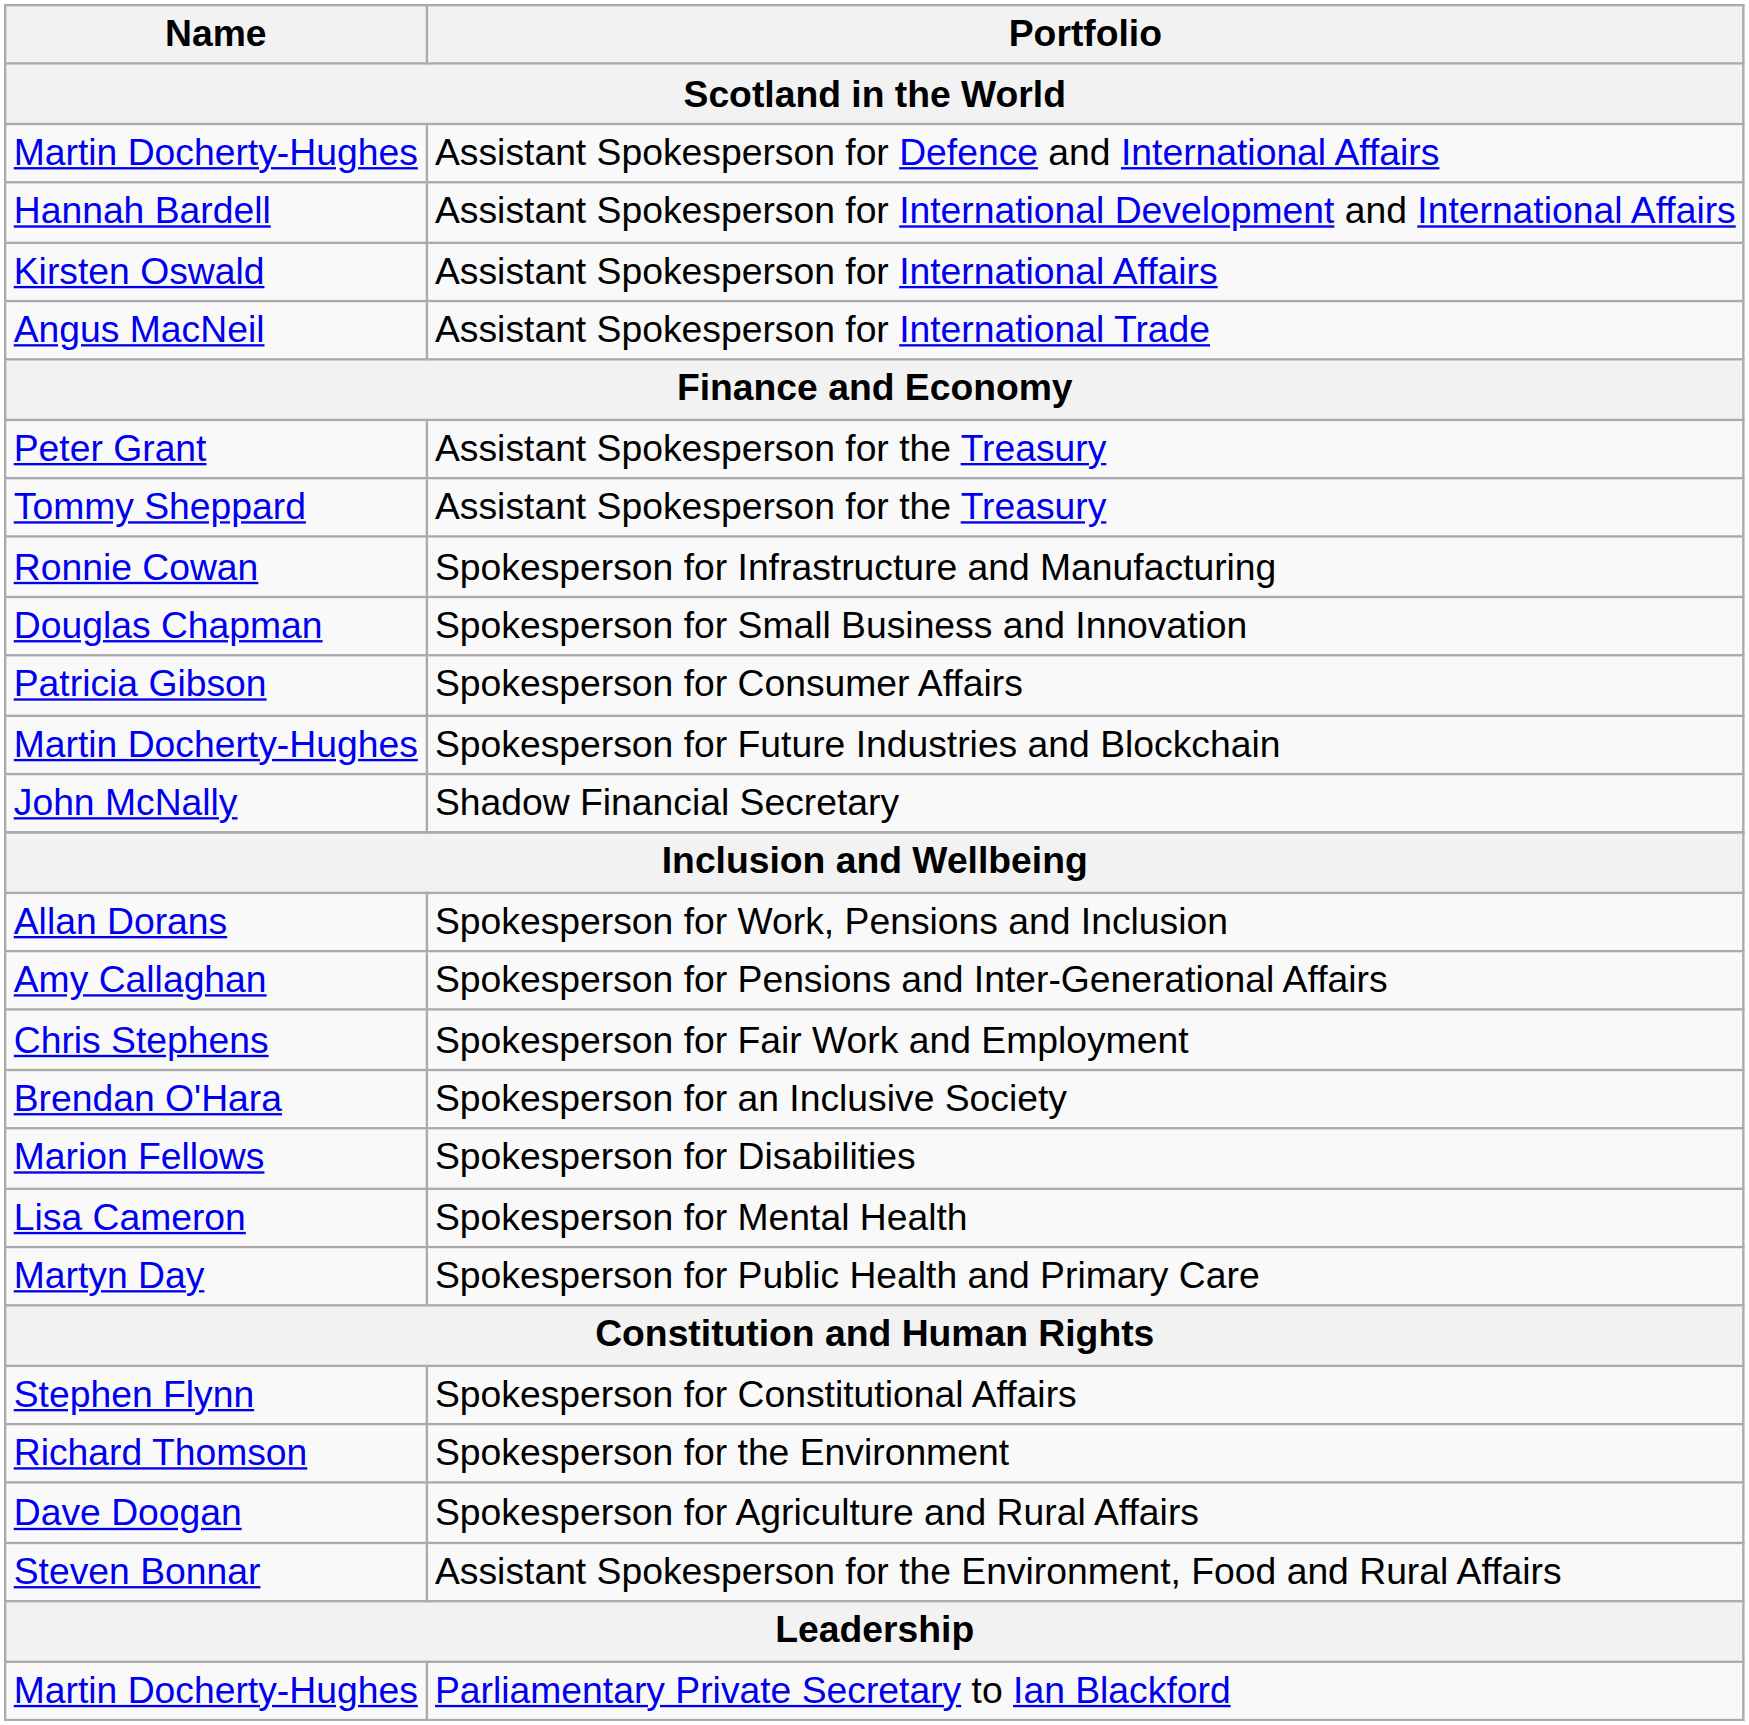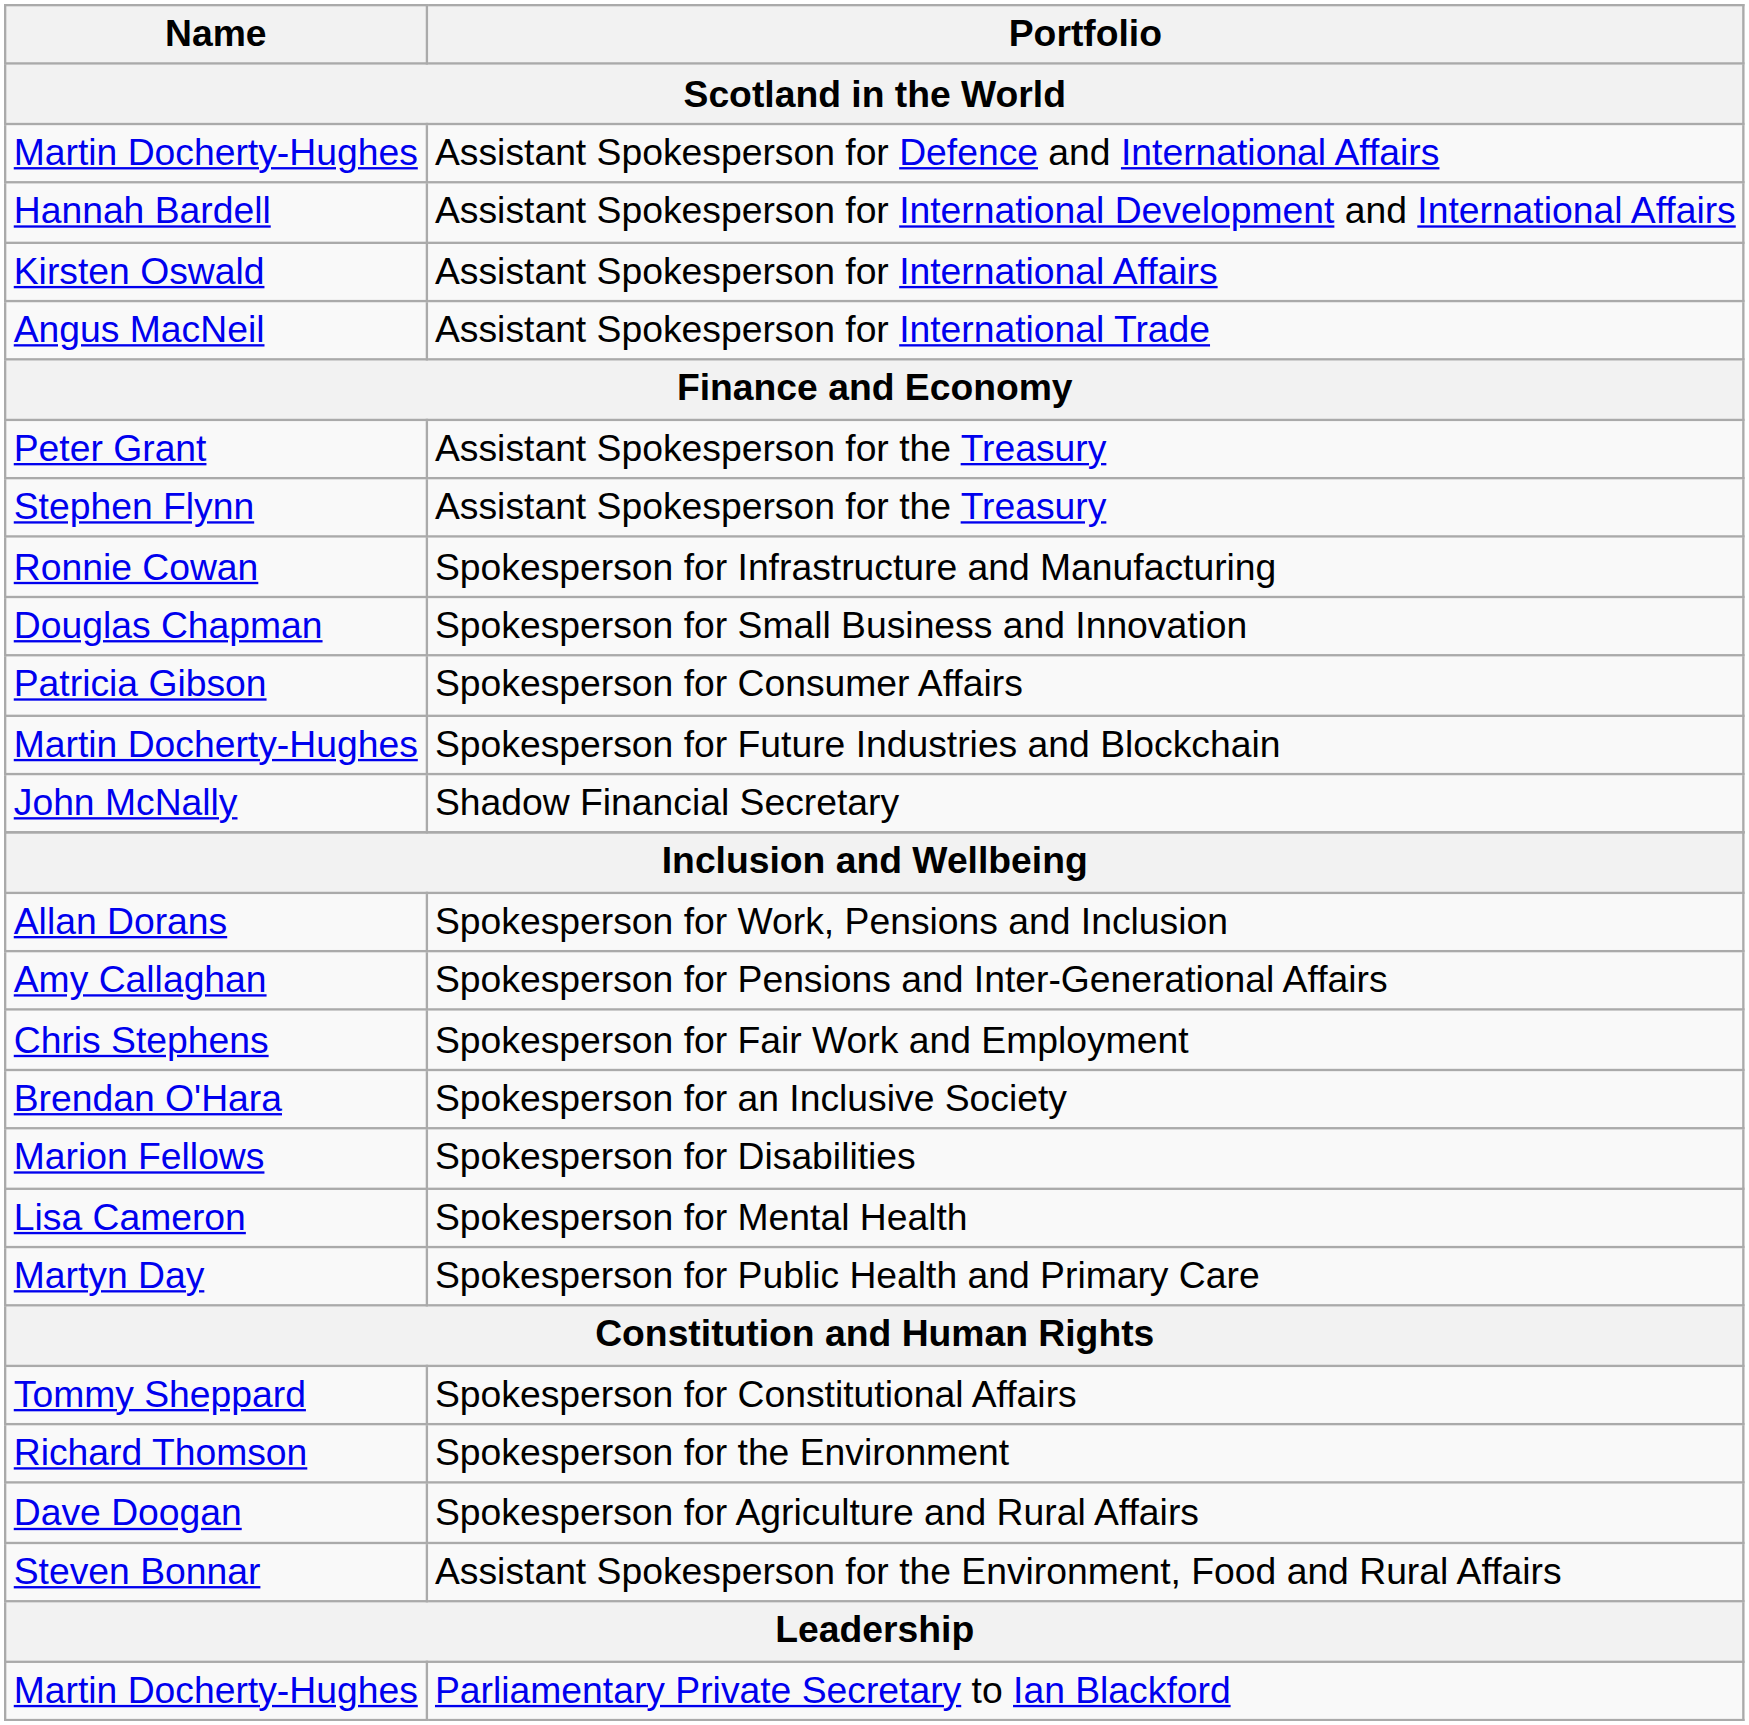 <table class="wikitable">
 <tr>
 <th>Name</th>
 <th>Portfolio</th>
 </tr>
 <tr>
 <th colspan="2">Scotland in the World</th>
 </tr>
 <tr>
 <td><a href='#'>Martin Docherty-Hughes</a> </td>
 <td>Assistant Spokesperson for <a href='#'>Defence</a> and <a href='#'>International Affairs</a></td>
 </tr>
 <tr>
 <td><a href='#'>Hannah Bardell</a> </td>
 <td>Assistant Spokesperson for <a href='#'>International Development</a> and <a href='#'>International Affairs</a></td>
 </tr>
 <tr>
 <td><a href='#'>Kirsten Oswald</a> </td>
 <td>Assistant Spokesperson for <a href='#'>International Affairs</a></td>
 </tr>
 <tr>
 <td><a href='#'>Angus MacNeil</a> </td>
 <td>Assistant Spokesperson for <a href='#'>International Trade</a></td>
 </tr>
 <tr>
 <th colspan="2">Finance and Economy</th>
 </tr>
 <tr>
 <td><a href='#'>Peter Grant</a> </td>
 <td>Assistant Spokesperson for the <a href='#'>Treasury</a></td>
 </tr>
 <tr>
-<td><a href='#'>Tommy Sheppard</a> </td>
+<td><a href='#'>Stephen Flynn</a> </td>
 <td>Assistant Spokesperson for the <a href='#'>Treasury</a></td>
 </tr>
 <tr>
 <td><a href='#'>Ronnie Cowan</a> </td>
 <td>Spokesperson for Infrastructure and Manufacturing</td>
 </tr>
 <tr>
 <td><a href='#'>Douglas Chapman</a> </td>
 <td>Spokesperson for Small Business and Innovation</td>
 </tr>
 <tr>
 <td><a href='#'>Patricia Gibson</a> </td>
 <td>Spokesperson for Consumer Affairs</td>
 </tr>
 <tr>
 <td><a href='#'>Martin Docherty-Hughes</a> </td>
 <td>Spokesperson for Future Industries and Blockchain</td>
 </tr>
 <tr>
 <td><a href='#'>John McNally</a> </td>
 <td>Shadow Financial Secretary</td>
 </tr>
 <tr>
 </tr>
 <tr>
 <th colspan="2">Inclusion and Wellbeing</th>
 </tr>
 <tr>
 <td><a href='#'>Allan Dorans</a> </td>
 <td>Spokesperson for Work, Pensions and Inclusion</td>
 </tr>
 <tr>
 <td><a href='#'>Amy Callaghan</a> </td>
 <td>Spokesperson for Pensions and Inter-Generational Affairs</td>
 </tr>
 <tr>
 <td><a href='#'>Chris Stephens</a> </td>
 <td>Spokesperson for Fair Work and Employment</td>
 </tr>
 <tr>
 <td><a href='#'>Brendan O'Hara</a> </td>
 <td>Spokesperson for an Inclusive Society</td>
 </tr>
 <tr>
 <td><a href='#'>Marion Fellows</a> </td>
 <td>Spokesperson for Disabilities</td>
 </tr>
 <tr>
 <td><a href='#'>Lisa Cameron</a> </td>
 <td>Spokesperson for Mental Health</td>
 </tr>
 <tr>
 <td><a href='#'>Martyn Day</a> </td>
 <td>Spokesperson for Public Health and Primary Care</td>
 </tr>
 <tr>
 <th colspan="2">Constitution and Human Rights</th>
 </tr>
 <tr>
-<td><a href='#'>Stephen Flynn</a> </td>
+<td><a href='#'>Tommy Sheppard</a> </td>
 <td>Spokesperson for Constitutional Affairs</td>
 </tr>
 <tr>
 <td><a href='#'>Richard Thomson</a> </td>
 <td>Spokesperson for the Environment</td>
 </tr>
 <tr>
 <td><a href='#'>Dave Doogan</a> </td>
 <td>Spokesperson for Agriculture and Rural Affairs</td>
 </tr>
 <tr>
 <td><a href='#'>Steven Bonnar</a> </td>
 <td>Assistant Spokesperson for the Environment, Food and Rural Affairs</td>
 </tr>
 <tr>
 <th colspan="2">Leadership</th>
 </tr>
 <tr>
 <td><a href='#'>Martin Docherty-Hughes</a> </td>
 <td><a href='#'>Parliamentary Private Secretary</a> to <a href='#'>Ian Blackford</a></td>
 </tr>
 </table>
